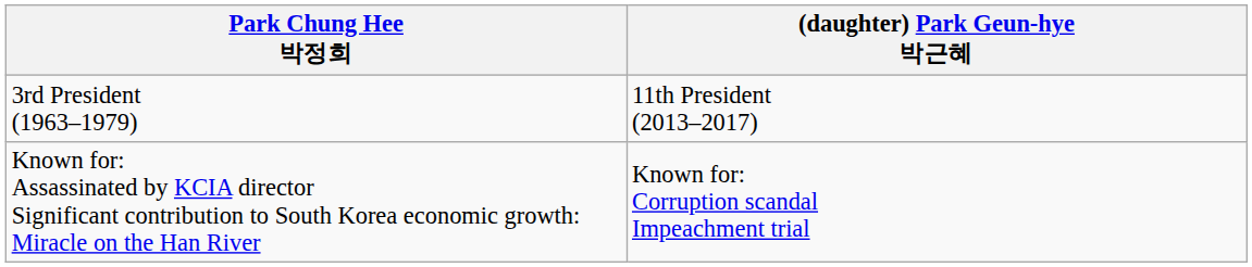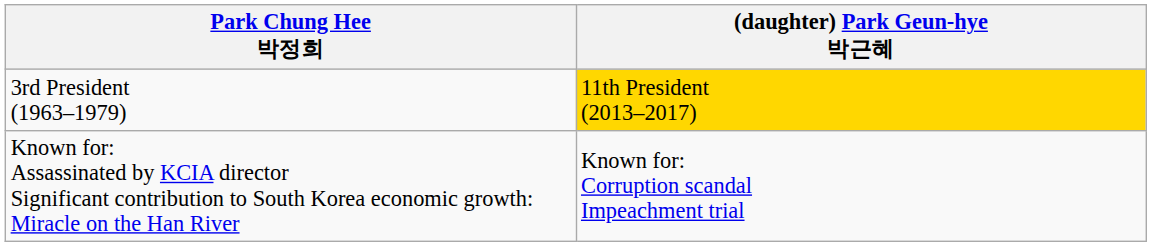 <table class="wikitable" style="margin-left: auto; margin-right: auto; border: none;">
 <tr>
 <th scope="col" style="width: 300pt;"><a href='#'>Park Chung Hee</a><br>박정희<br></th>
 <th scope="col" style="width: 300pt;">(daughter) <a href='#'>Park Geun-hye</a><br>박근혜<br></th>
 </tr>
 <tr>
 <td>3rd President<br>(1963–1979)</td>
-<td>11th President<br>(2013–2017)</td>
+<td style="background: gold;">11th President<br>(2013–2017)</td>
 </tr>
 <tr>
 <td>Known for:<br>Assassinated by <a href='#'>KCIA</a> director<br>Significant contribution to South Korea economic growth: <a href='#'>Miracle on the Han River</a></td>
 <td>Known for:<br><a href='#'>Corruption scandal</a><br><a href='#'>Impeachment trial</a></td>
 </tr>
 </table>
